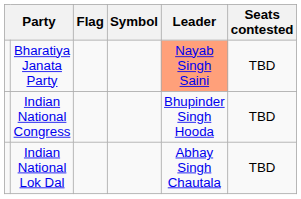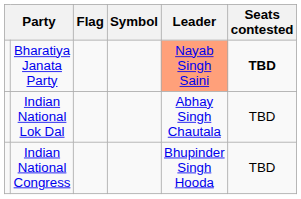 <table class="wikitable" width="50%" style="text-align:center;">
 <tr>
 <th colspan="2">Party</th>
 <th>Flag</th>
 <th>Symbol</th>
 <th>Leader</th>
 <th>Seats contested</th>
 </tr>
 <tr>
 <td></td>
 <td><a href='#'>Bharatiya Janata Party</a></td>
 <td></td>
 <td></td>
 <td style="background: lightsalmon;"><a href='#'>Nayab Singh Saini</a></td>
+<td><strong>TBD</strong></td>
+</tr>
+<tr>
+<td></td>
+<td><a href='#'>Indian National Lok Dal</a></td>
+<td></td>
+<td></td>
+<td style="text-align:center"><a href='#'>Abhay Singh Chautala</a></td>
 <td>TBD</td>
 </tr>
 <tr>
 <td></td>
 <td><a href='#'>Indian National Congress</a></td>
 <td></td>
 <td></td>
 <td><a href='#'>Bhupinder Singh Hooda</a></td>
 <td>TBD</td>
 </tr>
-<tr>
-<td></td>
-<td><a href='#'>Indian National Lok Dal</a></td>
-<td></td>
-<td></td>
-<td style="text-align:center"><a href='#'>Abhay Singh Chautala</a></td>
-<td>TBD</td>
-</tr>
 </table>
